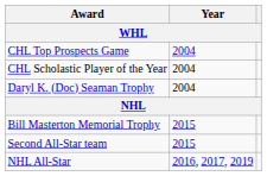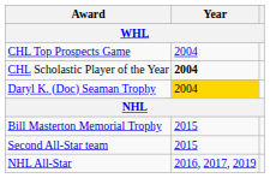 <table class="wikitable">
 <tr>
 <th>Award</th>
 <th>Year</th>
 <th></th>
 </tr>
 <tr>
 <th colspan="3"><a href='#'>WHL</a></th>
 </tr>
 <tr>
 <td><a href='#'>CHL Top Prospects Game</a></td>
 <td><a href='#'>2004</a></td>
 <td></td>
 </tr>
 <tr>
 <td><a href='#'>CHL</a> Scholastic Player of the Year</td>
-<td>2004</td>
+<td><strong>2004</strong></td>
 <td></td>
 </tr>
 <tr>
 <td><a href='#'>Daryl K. (Doc) Seaman Trophy</a></td>
-<td>2004</td>
+<td style="background: gold;">2004</td>
 <td></td>
 </tr>
 <tr>
 <th colspan="3"><a href='#'>NHL</a></th>
 </tr>
 <tr>
 <td><a href='#'>Bill Masterton Memorial Trophy</a></td>
 <td><a href='#'>2015</a></td>
 <td></td>
 </tr>
 <tr>
 <td><a href='#'>Second All-Star team</a></td>
 <td><a href='#'>2015</a></td>
 <td></td>
 </tr>
 <tr>
 <td><a href='#'>NHL All-Star</a></td>
 <td><a href='#'>2016</a>, <a href='#'>2017</a>, <a href='#'>2019</a></td>
 <td></td>
 </tr>
 </table>
